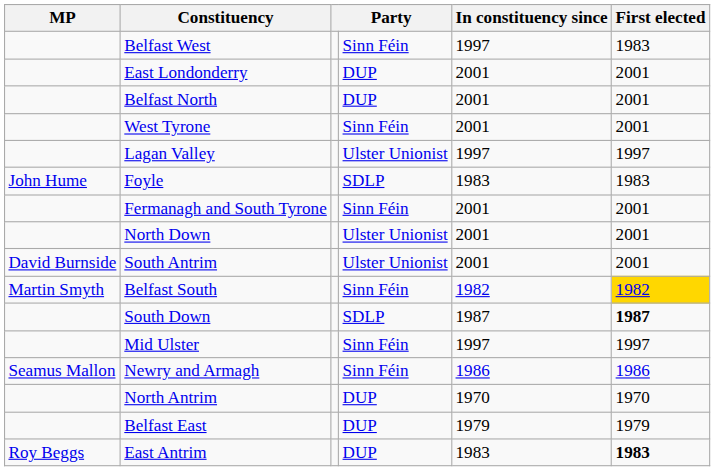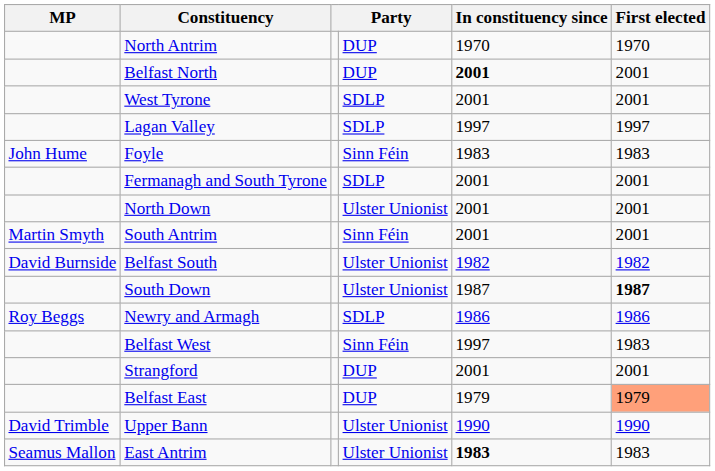 <table class="wikitable sortable">
 <tr>
 <th>MP</th>
 <th>Constituency</th>
 <th colspan="2">Party</th>
 <th>In constituency since</th>
 <th>First elected</th>
 </tr>
 <tr>
 <td></td>
-<td><a href='#'>Belfast West</a></td>
-<td></td>
-<td><a href='#'>Sinn Féin</a></td>
-<td>1997</td>
-<td>1983</td>
-</tr>
-<tr>
-<td></td>
-<td><a href='#'>East Londonderry</a></td>
+<td><a href='#'>North Antrim</a></td>
 <td></td>
 <td><a href='#'>DUP</a></td>
-<td>2001</td>
-<td>2001</td>
+<td>1970</td>
+<td>1970</td>
 </tr>
 <tr>
 <td></td>
 <td><a href='#'>Belfast North</a></td>
 <td></td>
 <td><a href='#'>DUP</a></td>
-<td>2001</td>
+<td><strong>2001</strong></td>
 <td>2001</td>
 </tr>
 <tr>
 <td></td>
 <td><a href='#'>West Tyrone</a></td>
 <td></td>
-<td><a href='#'>Sinn Féin</a></td>
+<td><a href='#'>SDLP</a></td>
 <td>2001</td>
 <td>2001</td>
 </tr>
 <tr>
 <td></td>
 <td><a href='#'>Lagan Valley</a></td>
 <td></td>
-<td><a href='#'>Ulster Unionist</a></td>
+<td><a href='#'>SDLP</a></td>
 <td>1997</td>
 <td>1997</td>
 </tr>
 <tr>
 <td><a href='#'>John Hume</a></td>
 <td><a href='#'>Foyle</a></td>
 <td></td>
-<td><a href='#'>SDLP</a></td>
+<td><a href='#'>Sinn Féin</a></td>
 <td>1983</td>
 <td>1983</td>
 </tr>
 <tr>
 <td></td>
 <td><a href='#'>Fermanagh and South Tyrone</a></td>
 <td></td>
-<td><a href='#'>Sinn Féin</a></td>
+<td><a href='#'>SDLP</a></td>
 <td>2001</td>
 <td>2001</td>
 </tr>
 <tr>
 <td></td>
 <td><a href='#'>North Down</a></td>
 <td></td>
 <td><a href='#'>Ulster Unionist</a></td>
 <td>2001</td>
 <td>2001</td>
 </tr>
 <tr>
-<td><a href='#'>David Burnside</a></td>
+<td><a href='#'>Martin Smyth</a></td>
 <td><a href='#'>South Antrim</a></td>
 <td></td>
-<td><a href='#'>Ulster Unionist</a></td>
+<td><a href='#'>Sinn Féin</a></td>
 <td>2001</td>
 <td>2001</td>
 </tr>
 <tr>
-<td><a href='#'>Martin Smyth</a></td>
+<td><a href='#'>David Burnside</a></td>
 <td><a href='#'>Belfast South</a></td>
 <td></td>
-<td><a href='#'>Sinn Féin</a></td>
+<td><a href='#'>Ulster Unionist</a></td>
 <td><a href='#'>1982</a></td>
-<td style="background: gold;"><a href='#'>1982</a></td>
+<td><a href='#'>1982</a></td>
 </tr>
 <tr>
 <td></td>
 <td><a href='#'>South Down</a></td>
 <td></td>
-<td><a href='#'>SDLP</a></td>
+<td><a href='#'>Ulster Unionist</a></td>
 <td>1987</td>
 <td><strong>1987</strong></td>
 </tr>
 <tr>
-<td></td>
-<td><a href='#'>Mid Ulster</a></td>
-<td></td>
-<td><a href='#'>Sinn Féin</a></td>
-<td>1997</td>
-<td>1997</td>
-</tr>
-<tr>
-<td><a href='#'>Seamus Mallon</a></td>
+<td><a href='#'>Roy Beggs</a></td>
 <td><a href='#'>Newry and Armagh</a></td>
 <td></td>
-<td><a href='#'>Sinn Féin</a></td>
+<td><a href='#'>SDLP</a></td>
 <td><a href='#'>1986</a></td>
 <td><a href='#'>1986</a></td>
 </tr>
 <tr>
 <td></td>
-<td><a href='#'>North Antrim</a></td>
+<td><a href='#'>Belfast West</a></td>
+<td></td>
+<td><a href='#'>Sinn Féin</a></td>
+<td>1997</td>
+<td>1983</td>
+</tr>
+<tr>
+<td></td>
+<td><a href='#'>Strangford</a></td>
 <td></td>
 <td><a href='#'>DUP</a></td>
-<td>1970</td>
-<td>1970</td>
+<td>2001</td>
+<td>2001</td>
 </tr>
 <tr>
 <td></td>
 <td><a href='#'>Belfast East</a></td>
 <td></td>
 <td><a href='#'>DUP</a></td>
 <td>1979</td>
-<td>1979</td>
+<td style="background: lightsalmon;">1979</td>
 </tr>
 <tr>
-<td><a href='#'>Roy Beggs</a></td>
+<td><a href='#'>David Trimble</a></td>
+<td><a href='#'>Upper Bann</a></td>
+<td></td>
+<td><a href='#'>Ulster Unionist</a></td>
+<td><a href='#'>1990</a></td>
+<td><a href='#'>1990</a></td>
+</tr>
+<tr>
+<td><a href='#'>Seamus Mallon</a></td>
 <td><a href='#'>East Antrim</a></td>
 <td></td>
-<td><a href='#'>DUP</a></td>
+<td><a href='#'>Ulster Unionist</a></td>
+<td><strong>1983</strong></td>
 <td>1983</td>
-<td><strong>1983</strong></td>
 </tr>
 </table>
